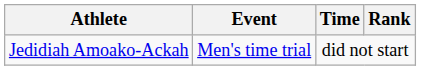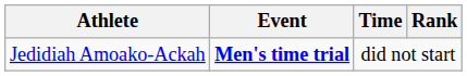 <table class="wikitable" style="font-size:90%;">
 <tr>
 <th>Athlete</th>
 <th>Event</th>
 <th>Time</th>
 <th>Rank</th>
 </tr>
 <tr align=center>
 <td align=left><a href='#'>Jedidiah Amoako-Ackah</a></td>
-<td align=left><a href='#'>Men's time trial</a></td>
+<td align=left><strong><a href='#'>Men's time trial</a></strong></td>
 <td colspan=2>did not start</td>
 </tr>
 </table>
